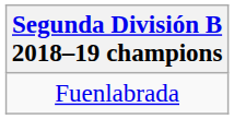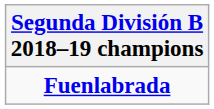 <table class="wikitable" style="text-align: center; margin: 0 auto;">
 <tr>
 <th><a href='#'>Segunda División B</a><br>2018–19 champions</th>
 </tr>
 <tr>
-<td><a href='#'>Fuenlabrada</a></td>
+<td><strong><a href='#'>Fuenlabrada</a></strong></td>
 </tr>
 </table>
